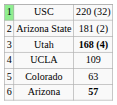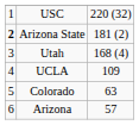 <table class="wikitable" style="display: inline-table;">
 <tr align="center">
 </tr>
 <tr align="center">
-<td style="background: lightgreen;">1</td>
+<td>1</td>
 <td>USC</td>
 <td>220 (32)</td>
 </tr>
 <tr align="center">
-<td>2</td>
+<td><strong>2</strong></td>
 <td>Arizona State</td>
 <td>181 (2)</td>
 </tr>
 <tr align="center">
 <td>3</td>
 <td>Utah</td>
-<td><strong>168 (4)</strong></td>
+<td>168 (4)</td>
 </tr>
 <tr align="center">
 <td>4</td>
 <td>UCLA</td>
 <td>109</td>
 </tr>
 <tr align="center">
 <td>5</td>
 <td>Colorado</td>
 <td>63</td>
 </tr>
 <tr align="center">
 <td>6</td>
 <td>Arizona</td>
-<td><strong>57</strong></td>
+<td>57</td>
 </tr>
 </table>
